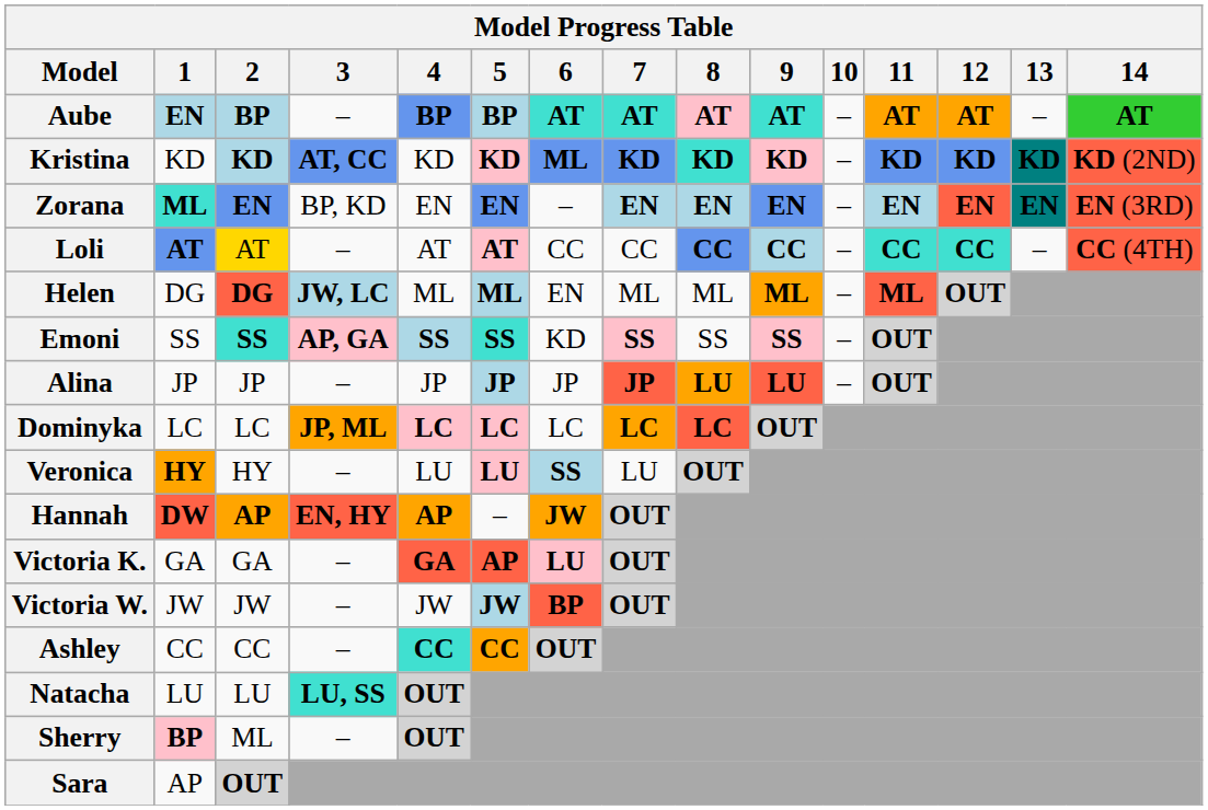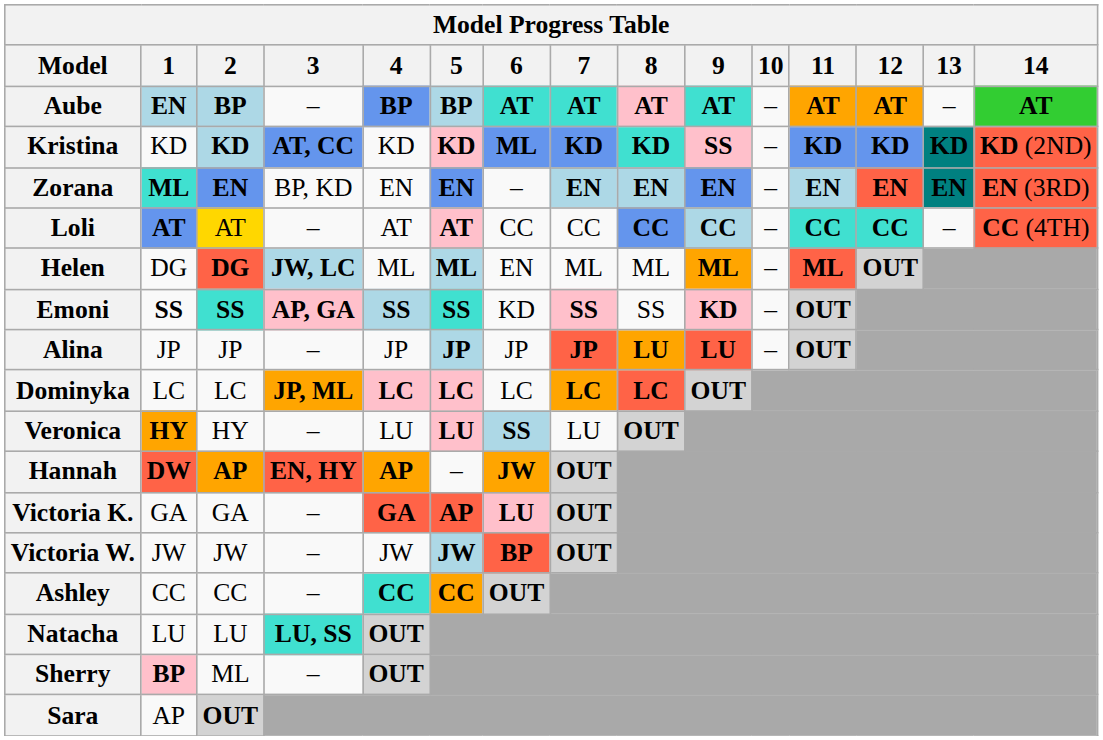 <table class="wikitable" style="text-align:center">
 <tr>
 <th colspan="15">Model Progress Table</th>
 </tr>
 <tr>
 <th><strong>Model</strong></th>
 <th>1</th>
 <th>2</th>
 <th>3</th>
 <th>4</th>
 <th>5</th>
 <th>6</th>
 <th>7</th>
 <th>8</th>
 <th>9</th>
 <th>10 </th>
 <th>11</th>
 <th>12</th>
 <th>13</th>
 <th>14</th>
 </tr>
 <tr>
 <th>Aube</th>
 <td bgcolor="lightblue"><strong>EN</strong></td>
 <td bgcolor="lightblue"><strong>BP</strong></td>
 <td>–</td>
 <td bgcolor="cornflowerblue"><strong>BP</strong></td>
 <td bgcolor="lightblue"><strong>BP</strong></td>
 <td bgcolor="turquoise"><strong>AT</strong></td>
 <td bgcolor="turquoise"><strong>AT</strong></td>
 <td bgcolor="pink"><strong>AT</strong></td>
 <td bgcolor="turquoise"><strong>AT</strong></td>
 <td>–</td>
 <td bgcolor="orange"><strong>AT</strong></td>
 <td bgcolor="orange"><strong>AT</strong></td>
 <td>–</td>
 <td bgcolor="limegreen"><strong>AT</strong></td>
 </tr>
 <tr>
 <th>Kristina</th>
 <td>KD</td>
 <td bgcolor="lightblue"><strong>KD</strong></td>
 <td bgcolor="cornflowerblue"><strong>AT, CC</strong></td>
 <td>KD</td>
 <td bgcolor="pink"><strong>KD</strong></td>
 <td bgcolor="cornflowerblue"><strong>ML</strong></td>
 <td bgcolor="cornflowerblue"><strong>KD</strong></td>
 <td bgcolor="turquoise"><strong>KD</strong></td>
-<td bgcolor="pink"><strong>KD</strong></td>
+<td bgcolor="pink"><strong>SS</strong></td>
 <td>–</td>
 <td bgcolor="cornflowerblue"><strong>KD</strong></td>
 <td bgcolor="cornflowerblue"><strong>KD</strong></td>
 <td bgcolor="teal"><strong>KD</strong></td>
 <td bgcolor="tomato"><strong>KD</strong> (2ND)</td>
 </tr>
 <tr>
 <th>Zorana</th>
 <td bgcolor="turquoise"><strong>ML</strong></td>
 <td bgcolor="cornflowerblue"><strong>EN</strong></td>
 <td>BP, KD</td>
 <td>EN</td>
 <td bgcolor="cornflowerblue"><strong>EN</strong></td>
 <td>–</td>
 <td bgcolor="lightblue"><strong>EN</strong></td>
 <td bgcolor="lightblue"><strong>EN</strong></td>
 <td bgcolor="cornflowerblue"><strong>EN</strong></td>
 <td>–</td>
 <td bgcolor="lightblue"><strong>EN</strong></td>
 <td bgcolor="tomato"><strong>EN</strong></td>
 <td bgcolor="teal"><strong>EN</strong></td>
 <td bgcolor="tomato"><strong>EN</strong> (3RD)</td>
 </tr>
 <tr>
 <th>Loli</th>
 <td bgcolor="cornflowerblue"><strong>AT</strong></td>
 <td style="background: gold;">AT</td>
 <td>–</td>
 <td>AT</td>
 <td bgcolor="pink"><strong>AT</strong></td>
 <td>CC</td>
 <td>CC</td>
 <td bgcolor="cornflowerblue"><strong>CC</strong></td>
 <td bgcolor="lightblue"><strong>CC</strong></td>
 <td>–</td>
 <td bgcolor="turquoise"><strong>CC</strong></td>
 <td bgcolor="turquoise"><strong>CC</strong></td>
 <td>–</td>
 <td bgcolor="tomato"><strong>CC</strong> (4TH)</td>
 </tr>
 <tr>
 <th>Helen</th>
 <td>DG</td>
 <td bgcolor="tomato"><strong>DG</strong></td>
 <td bgcolor="lightblue"><strong>JW, LC</strong></td>
 <td>ML</td>
 <td bgcolor="lightblue"><strong>ML</strong></td>
 <td>EN</td>
 <td>ML</td>
 <td>ML</td>
 <td bgcolor="orange"><strong>ML</strong></td>
 <td>–</td>
 <td bgcolor="tomato"><strong>ML</strong></td>
 <td bgcolor="lightgrey"><strong>OUT</strong></td>
 <td bgcolor="darkgray" colspan="2"></td>
 </tr>
 <tr>
 <th>Emoni</th>
-<td>SS</td>
+<td><strong>SS</strong></td>
 <td bgcolor="turquoise"><strong>SS</strong></td>
 <td bgcolor="pink"><strong>AP, GA</strong></td>
 <td bgcolor="lightblue"><strong>SS</strong></td>
 <td bgcolor="turquoise"><strong>SS</strong></td>
 <td>KD</td>
 <td bgcolor="pink"><strong>SS</strong></td>
 <td>SS</td>
-<td bgcolor="pink"><strong>SS</strong></td>
+<td bgcolor="pink"><strong>KD</strong></td>
 <td>–</td>
 <td bgcolor="lightgrey"><strong>OUT</strong></td>
 <td bgcolor="darkgray" colspan="3"></td>
 </tr>
 <tr>
 <th>Alina</th>
 <td>JP</td>
 <td>JP</td>
 <td>–</td>
 <td>JP</td>
 <td bgcolor="lightblue"><strong>JP</strong></td>
 <td>JP</td>
 <td bgcolor="tomato"><strong>JP</strong></td>
 <td bgcolor="orange"><strong>LU</strong></td>
 <td bgcolor="tomato"><strong>LU</strong></td>
 <td>–</td>
 <td bgcolor="lightgrey"><strong>OUT</strong></td>
 <td bgcolor="darkgray" colspan="3"></td>
 </tr>
 <tr>
 <th>Dominyka</th>
 <td>LC</td>
 <td>LC</td>
 <td bgcolor="orange"><strong>JP, ML</strong></td>
 <td bgcolor="pink"><strong>LC</strong></td>
 <td bgcolor="pink"><strong>LC</strong></td>
 <td>LC</td>
 <td bgcolor="orange"><strong>LC</strong></td>
 <td bgcolor="tomato"><strong>LC</strong></td>
 <td bgcolor="lightgrey"><strong>OUT</strong></td>
 <td bgcolor="darkgray" colspan="5"></td>
 </tr>
 <tr>
 <th>Veronica</th>
 <td bgcolor="orange"><strong>HY</strong></td>
 <td>HY</td>
 <td>–</td>
 <td>LU</td>
 <td bgcolor="pink"><strong>LU</strong></td>
 <td bgcolor="lightblue"><strong>SS</strong></td>
 <td>LU</td>
 <td bgcolor="lightgrey"><strong>OUT</strong></td>
 <td bgcolor="darkgray" colspan="6"></td>
 </tr>
 <tr>
 <th>Hannah</th>
 <td bgcolor="tomato"><strong>DW</strong></td>
 <td bgcolor="orange"><strong>AP</strong></td>
 <td bgcolor="tomato"><strong>EN, HY</strong></td>
 <td bgcolor="orange"><strong>AP</strong></td>
 <td>–</td>
 <td bgcolor="orange"><strong>JW</strong></td>
 <td bgcolor="lightgrey"><strong>OUT</strong></td>
 <td bgcolor="darkgray" colspan="7"></td>
 </tr>
 <tr>
 <th>Victoria K.</th>
 <td>GA</td>
 <td>GA</td>
 <td>–</td>
 <td bgcolor="tomato"><strong>GA</strong></td>
 <td bgcolor="tomato"><strong>AP</strong></td>
 <td bgcolor="pink"><strong>LU</strong></td>
 <td bgcolor="lightgrey"><strong>OUT</strong></td>
 <td bgcolor="darkgray" colspan="7"></td>
 </tr>
 <tr>
 <th>Victoria W.</th>
 <td>JW</td>
 <td>JW</td>
 <td>–</td>
 <td>JW</td>
 <td bgcolor="lightblue"><strong>JW</strong></td>
 <td bgcolor="tomato"><strong>BP</strong></td>
 <td bgcolor="lightgrey"><strong>OUT</strong></td>
 <td bgcolor="darkgray" colspan="7"></td>
 </tr>
 <tr>
 <th>Ashley</th>
 <td>CC</td>
 <td>CC</td>
 <td>–</td>
 <td bgcolor="turquoise"><strong>CC</strong></td>
 <td bgcolor="orange"><strong>CC</strong></td>
 <td bgcolor="lightgrey"><strong>OUT</strong></td>
 <td bgcolor="darkgray" colspan="8"></td>
 </tr>
 <tr>
 <th>Natacha</th>
 <td>LU</td>
 <td>LU</td>
 <td bgcolor="turquoise"><strong>LU, SS</strong></td>
 <td bgcolor="lightgrey"><strong>OUT</strong></td>
 <td bgcolor="darkgray" colspan="11"></td>
 </tr>
 <tr>
 <th>Sherry</th>
 <td bgcolor="pink"><strong>BP</strong></td>
 <td>ML</td>
 <td>–</td>
 <td bgcolor="lightgrey"><strong>OUT</strong></td>
 <td bgcolor="darkgray" colspan="11"></td>
 </tr>
 <tr>
 <th>Sara</th>
 <td>AP</td>
 <td bgcolor="lightgrey"><strong>OUT</strong></td>
 <td bgcolor="darkgray" colspan="12"></td>
 </tr>
 </table>
